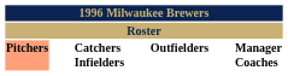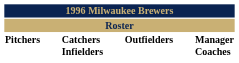 <table class="toccolours" style="font-size: 95%;">
 <tr>
 <th colspan="10" style="background-color: #0a2351; color:#c9b074;  text-align: center;">1996 Milwaukee Brewers</th>
 </tr>
 <tr>
 <td colspan="10" style="background-color: #c9b074; color: #0a2351; text-align: center;"><strong>Roster</strong></td>
 </tr>
 <tr>
-<td valign="top" style="background: lightsalmon;"><strong>Pitchers</strong><br>                       </td>
+<td valign="top"><strong>Pitchers</strong><br>                       </td>
 <td width="25px"></td>
 <td valign="top"><strong>Catchers</strong><br>   <strong>Infielders</strong>        </td>
 <td width="25px"></td>
 <td valign="top"><strong>Outfielders</strong><br>             </td>
 <td width="25px"></td>
 <td valign="top"><strong>Manager</strong><br> <strong>Coaches</strong>     </td>
 </tr>
 <tr>
 </tr>
 </table>
